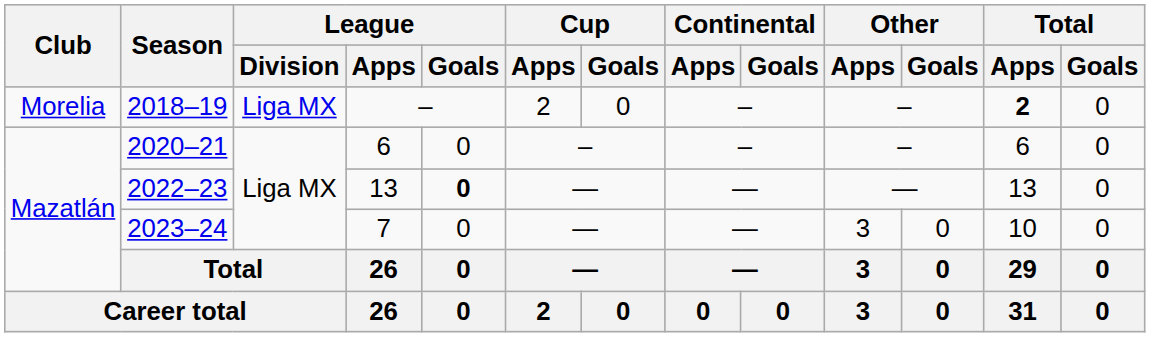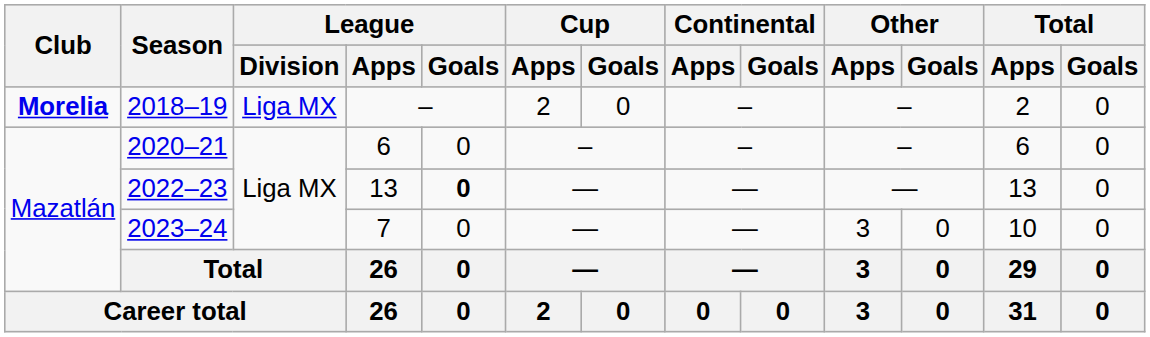 <table class="wikitable" style="text-align: center">
 <tr>
 <th rowspan="2">Club</th>
 <th rowspan="2">Season</th>
 <th colspan="3">League</th>
 <th colspan="2">Cup</th>
 <th colspan="2">Continental</th>
 <th colspan="2">Other</th>
 <th colspan="2">Total</th>
 </tr>
 <tr>
 <th>Division</th>
 <th>Apps</th>
 <th>Goals</th>
 <th>Apps</th>
 <th>Goals</th>
 <th>Apps</th>
 <th>Goals</th>
 <th>Apps</th>
 <th>Goals</th>
 <th>Apps</th>
 <th>Goals</th>
 </tr>
 <tr>
-<td><a href='#'>Morelia</a></td>
+<td><strong><a href='#'>Morelia</a></strong></td>
 <td><a href='#'>2018–19</a></td>
 <td><a href='#'>Liga MX</a></td>
 <td colspan="2">–</td>
 <td>2</td>
 <td>0</td>
 <td colspan="2">–</td>
 <td colspan="2">–</td>
-<td><strong>2</strong></td>
+<td>2</td>
 <td>0</td>
 </tr>
 <tr>
 <td rowspan="4"><a href='#'>Mazatlán</a></td>
 <td><a href='#'>2020–21</a></td>
 <td rowspan="3">Liga MX</td>
 <td>6</td>
 <td>0</td>
 <td colspan="2">–</td>
 <td colspan="2">–</td>
 <td colspan="2">–</td>
 <td>6</td>
 <td>0</td>
 </tr>
 <tr>
 <td><a href='#'>2022–23</a></td>
 <td>13</td>
 <td><strong>0</strong></td>
 <td colspan=2>—</td>
 <td colspan=2>—</td>
 <td colspan=2>—</td>
 <td>13</td>
 <td>0</td>
 </tr>
 <tr>
 <td><a href='#'>2023–24</a></td>
 <td>7</td>
 <td>0</td>
 <td colspan=2>—</td>
 <td colspan=2>—</td>
 <td>3</td>
 <td>0</td>
 <td>10</td>
 <td>0</td>
 </tr>
 <tr>
 <th colspan="2">Total</th>
 <th>26</th>
 <th>0</th>
 <th colspan=2>—</th>
 <th colspan=2>—</th>
 <th>3</th>
 <th>0</th>
 <th>29</th>
 <th>0</th>
 </tr>
 <tr>
 <th colspan=3>Career total</th>
 <th>26</th>
 <th>0</th>
 <th>2</th>
 <th>0</th>
 <th>0</th>
 <th>0</th>
 <th>3</th>
 <th>0</th>
 <th>31</th>
 <th>0</th>
 </tr>
 </table>
